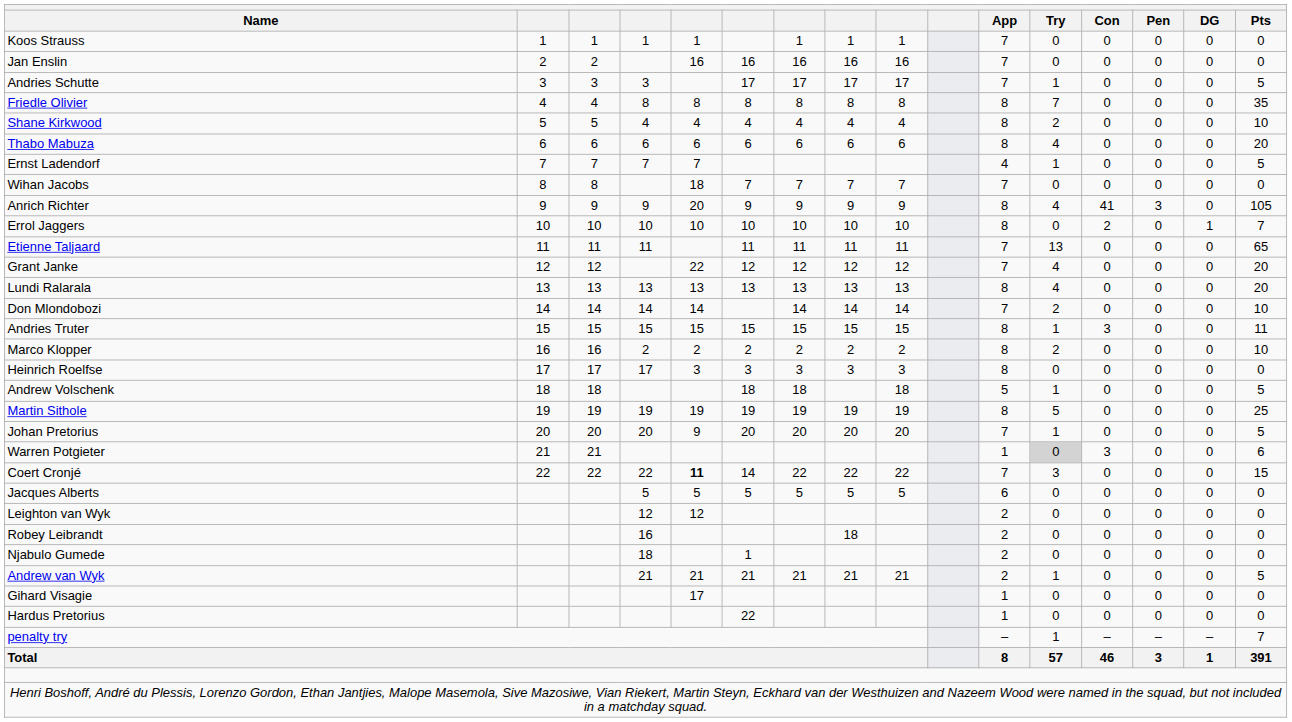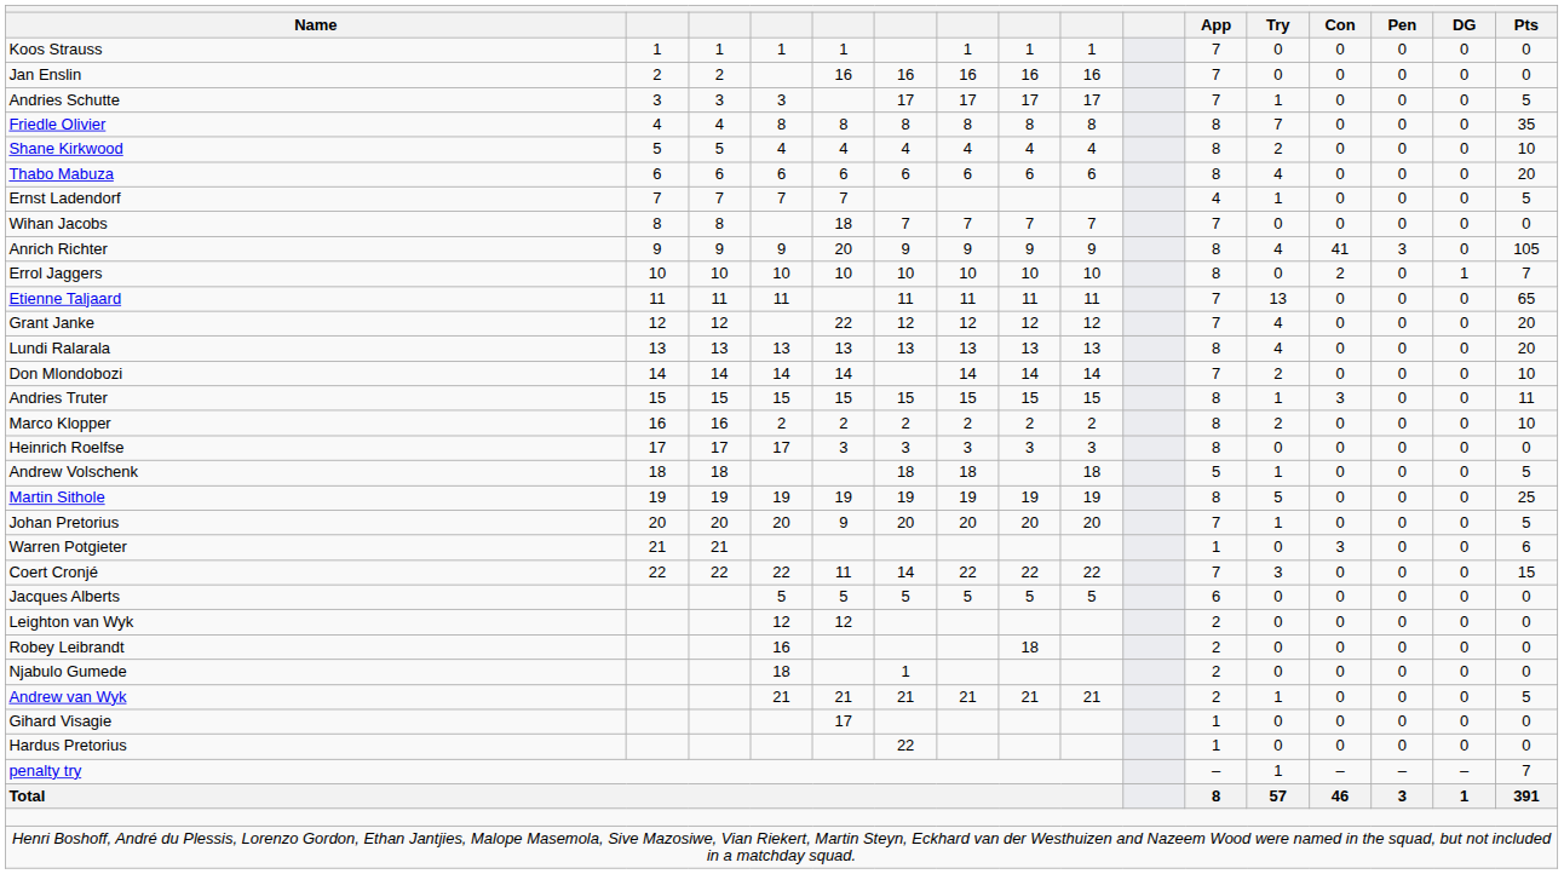 <table class="wikitable collapsible collapsed" style="text-align:center; font-size:100%; width:100%">
 <tr>
 <th colspan="100%"></th>
 </tr>
 <tr>
 <th style="width:40%;">Name</th>
 <th style="width:4%;"></th>
 <th style="width:4%;"></th>
 <th style="width:4%;"></th>
 <th style="width:4%;"></th>
 <th style="width:4%;"></th>
 <th style="width:4%;"></th>
 <th style="width:4%;"></th>
 <th style="width:4%;"></th>
 <th style="width:4%;"></th>
 <th style="width:4%;">App</th>
 <th style="width:4%;">Try</th>
 <th style="width:4%;">Con</th>
 <th style="width:4%;">Pen</th>
 <th style="width:4%;">DG</th>
 <th style="width:4%;">Pts</th>
 </tr>
 <tr>
 <td style="text-align:left;">Koos Strauss</td>
 <td>1</td>
 <td>1</td>
 <td>1</td>
 <td>1</td>
 <td></td>
 <td>1</td>
 <td>1</td>
 <td>1</td>
 <td style="background:#EBECF0;"></td>
 <td>7</td>
 <td>0</td>
 <td>0</td>
 <td>0</td>
 <td>0</td>
 <td>0</td>
 </tr>
 <tr>
 <td style="text-align:left;">Jan Enslin</td>
 <td>2</td>
 <td>2</td>
 <td></td>
 <td>16 </td>
 <td>16 </td>
 <td>16 </td>
 <td>16 </td>
 <td>16 </td>
 <td style="background:#EBECF0;"></td>
 <td>7</td>
 <td>0</td>
 <td>0</td>
 <td>0</td>
 <td>0</td>
 <td>0</td>
 </tr>
 <tr>
 <td style="text-align:left;">Andries Schutte</td>
 <td>3</td>
 <td>3</td>
 <td>3</td>
 <td></td>
 <td>17 </td>
 <td>17 </td>
 <td>17 </td>
 <td>17 </td>
 <td style="background:#EBECF0;"></td>
 <td>7</td>
 <td>1</td>
 <td>0</td>
 <td>0</td>
 <td>0</td>
 <td>5</td>
 </tr>
 <tr>
 <td style="text-align:left;"><a href='#'>Friedle Olivier</a></td>
 <td>4</td>
 <td>4</td>
 <td>8</td>
 <td>8</td>
 <td>8</td>
 <td>8</td>
 <td>8</td>
 <td>8</td>
 <td style="background:#EBECF0;"></td>
 <td>8</td>
 <td>7</td>
 <td>0</td>
 <td>0</td>
 <td>0</td>
 <td>35</td>
 </tr>
 <tr>
 <td style="text-align:left;"><a href='#'>Shane Kirkwood</a></td>
 <td>5</td>
 <td>5</td>
 <td>4</td>
 <td>4</td>
 <td>4</td>
 <td>4</td>
 <td>4</td>
 <td>4</td>
 <td style="background:#EBECF0;"></td>
 <td>8</td>
 <td>2</td>
 <td>0</td>
 <td>0</td>
 <td>0</td>
 <td>10</td>
 </tr>
 <tr>
 <td style="text-align:left;"><a href='#'>Thabo Mabuza</a></td>
 <td>6</td>
 <td>6</td>
 <td>6</td>
 <td>6</td>
 <td>6</td>
 <td>6</td>
 <td>6</td>
 <td>6</td>
 <td style="background:#EBECF0;"></td>
 <td>8</td>
 <td>4</td>
 <td>0</td>
 <td>0</td>
 <td>0</td>
 <td>20</td>
 </tr>
 <tr>
 <td style="text-align:left;">Ernst Ladendorf</td>
 <td>7</td>
 <td>7</td>
 <td>7</td>
 <td>7</td>
 <td></td>
 <td></td>
 <td></td>
 <td></td>
 <td style="background:#EBECF0;"></td>
 <td>4</td>
 <td>1</td>
 <td>0</td>
 <td>0</td>
 <td>0</td>
 <td>5</td>
 </tr>
 <tr>
 <td style="text-align:left;">Wihan Jacobs</td>
 <td>8</td>
 <td>8</td>
 <td></td>
 <td>18 </td>
 <td>7</td>
 <td>7</td>
 <td>7</td>
 <td>7</td>
 <td style="background:#EBECF0;"></td>
 <td>7</td>
 <td>0</td>
 <td>0</td>
 <td>0</td>
 <td>0</td>
 <td>0</td>
 </tr>
 <tr>
 <td style="text-align:left;">Anrich Richter</td>
 <td>9</td>
 <td>9</td>
 <td>9</td>
 <td>20 </td>
 <td>9</td>
 <td>9</td>
 <td>9</td>
 <td>9</td>
 <td style="background:#EBECF0;"></td>
 <td>8</td>
 <td>4</td>
 <td>41</td>
 <td>3</td>
 <td>0</td>
 <td>105</td>
 </tr>
 <tr>
 <td style="text-align:left;">Errol Jaggers</td>
 <td>10</td>
 <td>10</td>
 <td>10</td>
 <td>10</td>
 <td>10</td>
 <td>10</td>
 <td>10</td>
 <td>10</td>
 <td style="background:#EBECF0;"></td>
 <td>8</td>
 <td>0</td>
 <td>2</td>
 <td>0</td>
 <td>1</td>
 <td>7</td>
 </tr>
 <tr>
 <td style="text-align:left;"><a href='#'>Etienne Taljaard</a></td>
 <td>11</td>
 <td>11</td>
 <td>11</td>
 <td></td>
 <td>11</td>
 <td>11</td>
 <td>11</td>
 <td>11</td>
 <td style="background:#EBECF0;"></td>
 <td>7</td>
 <td>13</td>
 <td>0</td>
 <td>0</td>
 <td>0</td>
 <td>65</td>
 </tr>
 <tr>
 <td style="text-align:left;">Grant Janke</td>
 <td>12</td>
 <td>12</td>
 <td></td>
 <td>22 </td>
 <td>12</td>
 <td>12</td>
 <td>12</td>
 <td>12</td>
 <td style="background:#EBECF0;"></td>
 <td>7</td>
 <td>4</td>
 <td>0</td>
 <td>0</td>
 <td>0</td>
 <td>20</td>
 </tr>
 <tr>
 <td style="text-align:left;">Lundi Ralarala</td>
 <td>13</td>
 <td>13</td>
 <td>13</td>
 <td>13</td>
 <td>13</td>
 <td>13</td>
 <td>13</td>
 <td>13</td>
 <td style="background:#EBECF0;"></td>
 <td>8</td>
 <td>4</td>
 <td>0</td>
 <td>0</td>
 <td>0</td>
 <td>20</td>
 </tr>
 <tr>
 <td style="text-align:left;">Don Mlondobozi</td>
 <td>14</td>
 <td>14</td>
 <td>14</td>
 <td>14</td>
 <td></td>
 <td>14</td>
 <td>14</td>
 <td>14</td>
 <td style="background:#EBECF0;"></td>
 <td>7</td>
 <td>2</td>
 <td>0</td>
 <td>0</td>
 <td>0</td>
 <td>10</td>
 </tr>
 <tr>
 <td style="text-align:left;">Andries Truter</td>
 <td>15</td>
 <td>15</td>
 <td>15</td>
 <td>15</td>
 <td>15</td>
 <td>15</td>
 <td>15</td>
 <td>15</td>
 <td style="background:#EBECF0;"></td>
 <td>8</td>
 <td>1</td>
 <td>3</td>
 <td>0</td>
 <td>0</td>
 <td>11</td>
 </tr>
 <tr>
 <td style="text-align:left;">Marco Klopper</td>
 <td>16 </td>
 <td>16 </td>
 <td>2</td>
 <td>2</td>
 <td>2</td>
 <td>2</td>
 <td>2</td>
 <td>2</td>
 <td style="background:#EBECF0;"></td>
 <td>8</td>
 <td>2</td>
 <td>0</td>
 <td>0</td>
 <td>0</td>
 <td>10</td>
 </tr>
 <tr>
 <td style="text-align:left;">Heinrich Roelfse</td>
 <td>17 </td>
 <td>17 </td>
 <td>17 </td>
 <td>3</td>
 <td>3</td>
 <td>3</td>
 <td>3</td>
 <td>3</td>
 <td style="background:#EBECF0;"></td>
 <td>8</td>
 <td>0</td>
 <td>0</td>
 <td>0</td>
 <td>0</td>
 <td>0</td>
 </tr>
 <tr>
 <td style="text-align:left;">Andrew Volschenk</td>
 <td>18 </td>
 <td>18 </td>
 <td></td>
 <td></td>
 <td>18 </td>
 <td>18 </td>
 <td></td>
 <td>18 </td>
 <td style="background:#EBECF0;"></td>
 <td>5</td>
 <td>1</td>
 <td>0</td>
 <td>0</td>
 <td>0</td>
 <td>5</td>
 </tr>
 <tr>
 <td style="text-align:left;"><a href='#'>Martin Sithole</a></td>
 <td>19 </td>
 <td>19 </td>
 <td>19 </td>
 <td>19 </td>
 <td>19 </td>
 <td>19 </td>
 <td>19 </td>
 <td>19 </td>
 <td style="background:#EBECF0;"></td>
 <td>8</td>
 <td>5</td>
 <td>0</td>
 <td>0</td>
 <td>0</td>
 <td>25</td>
 </tr>
 <tr>
 <td style="text-align:left;">Johan Pretorius</td>
 <td>20 </td>
 <td>20 </td>
 <td>20 </td>
 <td>9</td>
 <td>20 </td>
 <td>20</td>
 <td>20 </td>
 <td>20 </td>
 <td style="background:#EBECF0;"></td>
 <td>7</td>
 <td>1</td>
 <td>0</td>
 <td>0</td>
 <td>0</td>
 <td>5</td>
 </tr>
 <tr>
 <td style="text-align:left;">Warren Potgieter</td>
 <td>21 </td>
 <td>21</td>
 <td></td>
 <td></td>
 <td></td>
 <td></td>
 <td></td>
 <td></td>
 <td style="background:#EBECF0;"></td>
 <td>1</td>
-<td style="background: lightgrey;">0</td>
+<td>0</td>
 <td>3</td>
 <td>0</td>
 <td>0</td>
 <td>6</td>
 </tr>
 <tr>
 <td style="text-align:left;">Coert Cronjé</td>
 <td>22 </td>
 <td>22 </td>
 <td>22 </td>
-<td><strong>11</strong></td>
+<td>11</td>
 <td>14</td>
 <td>22 </td>
 <td>22 </td>
 <td>22</td>
 <td style="background:#EBECF0;"></td>
 <td>7</td>
 <td>3</td>
 <td>0</td>
 <td>0</td>
 <td>0</td>
 <td>15</td>
 </tr>
 <tr>
 <td style="text-align:left;">Jacques Alberts</td>
 <td></td>
 <td></td>
 <td>5</td>
 <td>5</td>
 <td>5</td>
 <td>5</td>
 <td>5</td>
 <td>5</td>
 <td style="background:#EBECF0;"></td>
 <td>6</td>
 <td>0</td>
 <td>0</td>
 <td>0</td>
 <td>0</td>
 <td>0</td>
 </tr>
 <tr>
 <td style="text-align:left;">Leighton van Wyk</td>
 <td></td>
 <td></td>
 <td>12</td>
 <td>12</td>
 <td></td>
 <td></td>
 <td></td>
 <td></td>
 <td style="background:#EBECF0;"></td>
 <td>2</td>
 <td>0</td>
 <td>0</td>
 <td>0</td>
 <td>0</td>
 <td>0</td>
 </tr>
 <tr>
 <td style="text-align:left;">Robey Leibrandt</td>
 <td></td>
 <td></td>
 <td>16 </td>
 <td></td>
 <td></td>
 <td></td>
 <td>18 </td>
 <td></td>
 <td style="background:#EBECF0;"></td>
 <td>2</td>
 <td>0</td>
 <td>0</td>
 <td>0</td>
 <td>0</td>
 <td>0</td>
 </tr>
 <tr>
 <td style="text-align:left;">Njabulo Gumede</td>
 <td></td>
 <td></td>
 <td>18 </td>
 <td></td>
 <td>1</td>
 <td></td>
 <td></td>
 <td></td>
 <td style="background:#EBECF0;"></td>
 <td>2</td>
 <td>0</td>
 <td>0</td>
 <td>0</td>
 <td>0</td>
 <td>0</td>
 </tr>
 <tr>
 <td style="text-align:left;"><a href='#'>Andrew van Wyk</a></td>
 <td></td>
 <td></td>
 <td>21</td>
 <td>21</td>
 <td>21 </td>
 <td>21</td>
 <td>21 </td>
 <td>21</td>
 <td style="background:#EBECF0;"></td>
 <td>2</td>
 <td>1</td>
 <td>0</td>
 <td>0</td>
 <td>0</td>
 <td>5</td>
 </tr>
 <tr>
 <td style="text-align:left;">Gihard Visagie</td>
 <td></td>
 <td></td>
 <td></td>
 <td>17 </td>
 <td></td>
 <td></td>
 <td></td>
 <td></td>
 <td style="background:#EBECF0;"></td>
 <td>1</td>
 <td>0</td>
 <td>0</td>
 <td>0</td>
 <td>0</td>
 <td>0</td>
 </tr>
 <tr>
 <td style="text-align:left;">Hardus Pretorius</td>
 <td></td>
 <td></td>
 <td></td>
 <td></td>
 <td>22 </td>
 <td></td>
 <td></td>
 <td></td>
 <td style="background:#EBECF0;"></td>
 <td>1</td>
 <td>0</td>
 <td>0</td>
 <td>0</td>
 <td>0</td>
 <td>0</td>
 </tr>
 <tr>
 <td colspan="9" style="text-align:left;"><a href='#'>penalty try</a></td>
 <td style="background:#EBECF0;"></td>
 <td>–</td>
 <td>1</td>
 <td>–</td>
 <td>–</td>
 <td>–</td>
 <td>7</td>
 </tr>
 <tr>
 <th colspan="9" style="text-align:left;">Total</th>
 <th style="background:#EBECF0;"></th>
 <th>8</th>
 <th>57</th>
 <th>46</th>
 <th>3</th>
 <th>1</th>
 <th>391</th>
 </tr>
 <tr class="sortbottom">
 <td colspan="100%" style="height: 10px;"></td>
 </tr>
 <tr class="sortbottom">
 <td colspan="100%" style="text-align:center;"><em>Henri Boshoff, André du Plessis, Lorenzo Gordon, Ethan Jantjies, Malope Masemola, Sive Mazosiwe, Vian Riekert, Martin Steyn, Eckhard van der Westhuizen and Nazeem Wood were named in the squad, but not included in a matchday squad.</em></td>
 </tr>
 </table>
